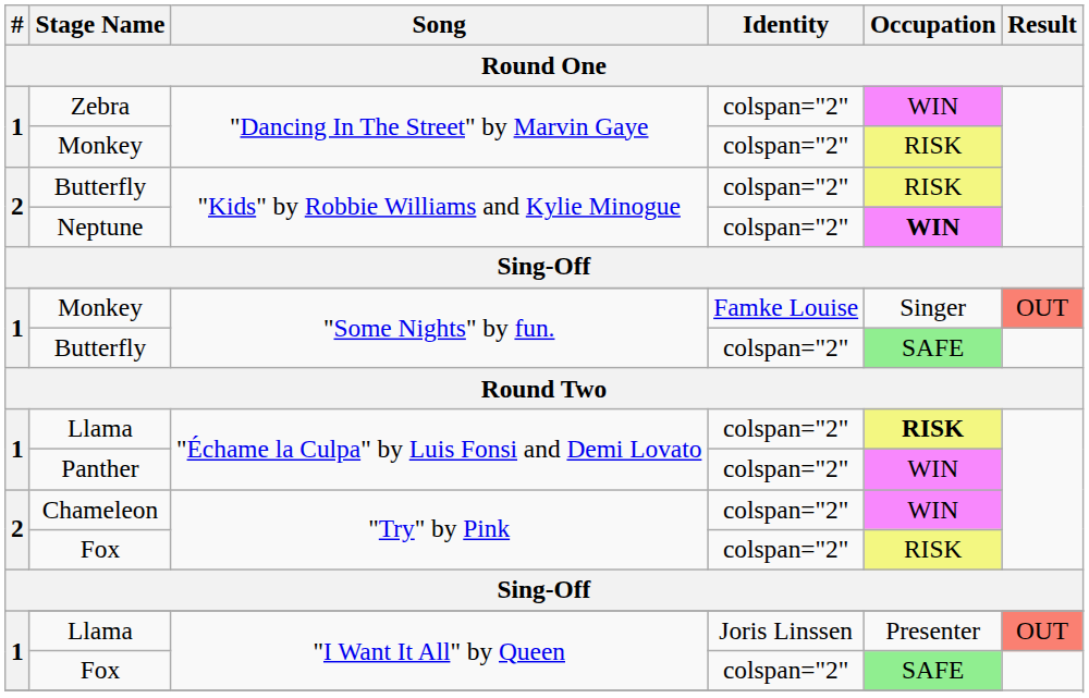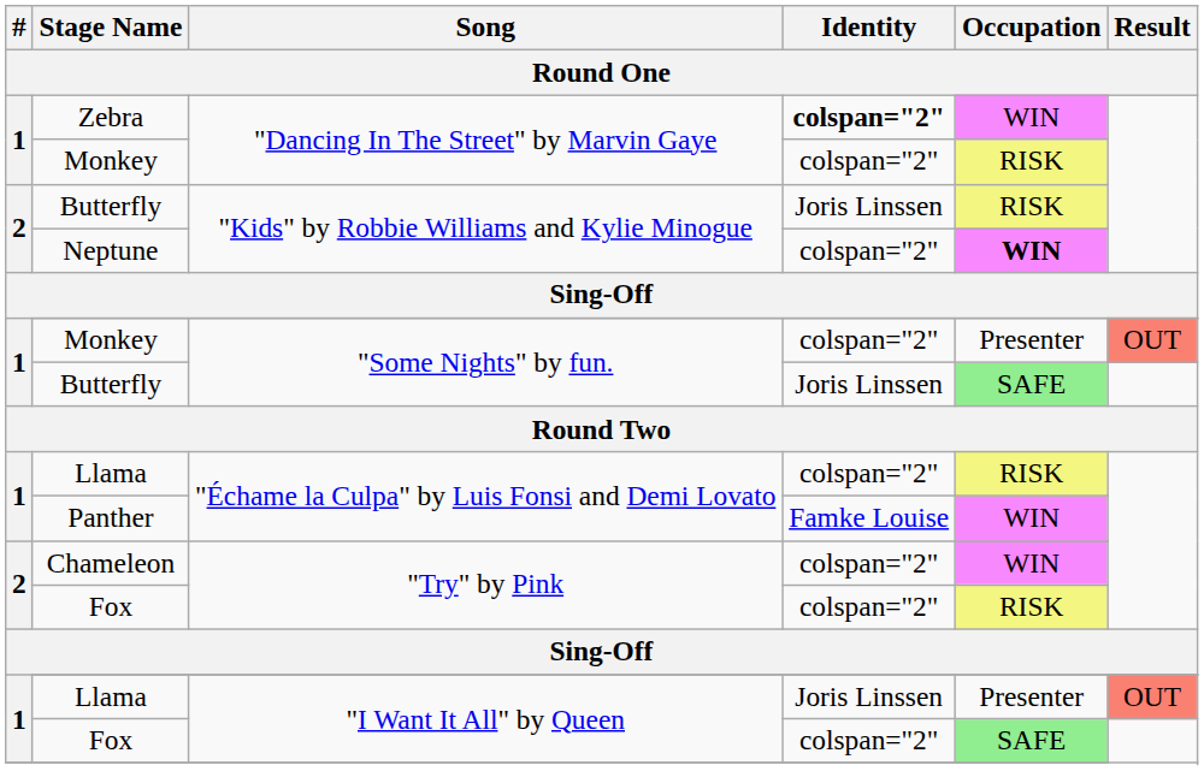 <table class="wikitable plainrowheaders" style="text-align: center;">
 <tr>
 <th>#</th>
 <th>Stage Name</th>
 <th>Song</th>
 <th>Identity</th>
 <th>Occupation</th>
 <th>Result</th>
 </tr>
 <tr>
 <th colspan="6">Round One</th>
 </tr>
 <tr>
 <th rowspan="2">1</th>
 <td>Zebra</td>
 <td rowspan="2">"<a href='#'>Dancing In The Street</a>" by <a href='#'>Marvin Gaye</a></td>
-<td>colspan="2" </td>
+<td><strong>colspan="2" </strong></td>
 <td bgcolor="F888FD">WIN</td>
 </tr>
 <tr>
 <td>Monkey</td>
 <td>colspan="2" </td>
 <td bgcolor="#F3F781">RISK</td>
 </tr>
 <tr>
 <th rowspan="2">2</th>
 <td>Butterfly</td>
 <td rowspan="2">"<a href='#'>Kids</a>" by <a href='#'>Robbie Williams</a> and <a href='#'>Kylie Minogue</a></td>
-<td>colspan="2" </td>
+<td>Joris Linssen</td>
 <td bgcolor="F3F781">RISK</td>
 </tr>
 <tr>
 <td>Neptune</td>
 <td>colspan="2" </td>
 <td bgcolor="F888FD"><strong>WIN</strong></td>
 </tr>
 <tr>
 <th colspan="6">Sing-Off</th>
 </tr>
 <tr>
 <th rowspan="3">1</th>
 </tr>
 <tr>
 <td>Monkey</td>
 <td rowspan="2">"<a href='#'>Some Nights</a>" by <a href='#'>fun.</a></td>
-<td><a href='#'>Famke Louise</a></td>
-<td>Singer</td>
+<td>colspan="2" </td>
+<td>Presenter</td>
 <td bgcolor="salmon">OUT</td>
 </tr>
 <tr>
 <td>Butterfly</td>
-<td>colspan="2" </td>
+<td>Joris Linssen</td>
 <td bgcolor="lightgreen">SAFE</td>
 </tr>
 <tr>
 <th colspan="6">Round Two</th>
 </tr>
 <tr>
 <th rowspan="2">1</th>
 <td>Llama</td>
 <td rowspan="2">"<a href='#'>Échame la Culpa</a>" by <a href='#'>Luis Fonsi</a> and <a href='#'>Demi Lovato</a></td>
 <td>colspan="2" </td>
-<td bgcolor="F3F781"><strong>RISK</strong></td>
+<td bgcolor="F3F781">RISK</td>
 </tr>
 <tr>
 <td>Panther</td>
-<td>colspan="2" </td>
+<td><a href='#'>Famke Louise</a></td>
 <td bgcolor="F888FD">WIN</td>
 </tr>
 <tr>
 <th rowspan="2">2</th>
 <td>Chameleon</td>
 <td rowspan="2">"<a href='#'>Try</a>" by <a href='#'>Pink</a></td>
 <td>colspan="2" </td>
 <td bgcolor="F888FD">WIN</td>
 </tr>
 <tr>
 <td>Fox</td>
 <td>colspan="2" </td>
 <td bgcolor="F3F781">RISK</td>
 </tr>
 <tr>
 <th colspan="6">Sing-Off</th>
 </tr>
 <tr>
 <th rowspan="3">1</th>
 </tr>
 <tr>
 <td>Llama</td>
 <td rowspan="2">"<a href='#'>I Want It All</a>" by <a href='#'>Queen</a></td>
 <td>Joris Linssen</td>
 <td>Presenter</td>
 <td bgcolor="salmon">OUT</td>
 </tr>
 <tr>
 <td>Fox</td>
 <td>colspan="2" </td>
 <td bgcolor="lightgreen">SAFE</td>
 </tr>
 <tr>
 </tr>
 </table>
